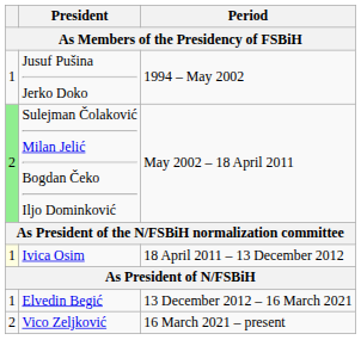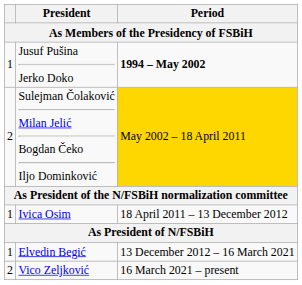 <table class="wikitable" style="text-align: left">
 <tr>
 <th></th>
 <th>President</th>
 <th>Period</th>
 </tr>
 <tr>
 <th colspan=6 align="center">As Members of the Presidency of FSBiH</th>
 </tr>
 <tr>
 <td>1</td>
 <td>Jusuf Pušina<hr>Jerko Doko</td>
-<td>1994 – May 2002</td>
+<td><strong>1994 – May 2002</strong></td>
 </tr>
 <tr>
-<td style="background: lightgreen;">2</td>
+<td>2</td>
 <td>Sulejman Čolaković<hr><a href='#'>Milan Jelić</a><hr>Bogdan Čeko<hr>Iljo Dominković</td>
-<td>May 2002 – 18 April 2011</td>
+<td style="background: gold;">May 2002 – 18 April 2011</td>
 </tr>
 <tr>
 <th colspan=6 align="center">As President of the N/FSBiH normalization committee</th>
 </tr>
 <tr>
-<td style="background: lightyellow;">1</td>
+<td>1</td>
 <td><a href='#'>Ivica Osim</a></td>
 <td>18 April 2011 – 13 December 2012</td>
 </tr>
 <tr>
 <th colspan=6 align="center">As President of N/FSBiH</th>
 </tr>
 <tr>
 <td>1</td>
 <td><a href='#'>Elvedin Begić</a></td>
 <td>13 December 2012 – 16 March 2021</td>
 </tr>
 <tr>
 <td>2</td>
 <td><a href='#'>Vico Zeljković</a></td>
 <td>16 March 2021 – present</td>
 </tr>
 </table>
